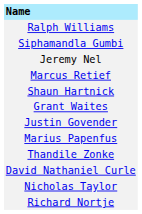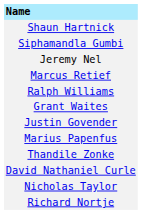 <table border=0 cellpadding=2 cellspacing=0  |- bgcolor=#F2F2F2 style="text-align:center; font-size:90%;">
 <tr bgcolor=#ADEBFD>
 <th align=left>Name</th>
 </tr>
 <tr>
-<td><a href='#'>Ralph Williams</a></td>
+<td><a href='#'>Shaun Hartnick</a></td>
 </tr>
 <tr>
 <td><a href='#'>Siphamandla Gumbi</a></td>
 </tr>
 <tr>
 <td>Jeremy Nel</td>
 </tr>
 <tr>
 <td><a href='#'>Marcus Retief</a></td>
 </tr>
 <tr>
-<td><a href='#'>Shaun Hartnick</a></td>
+<td><a href='#'>Ralph Williams</a></td>
 </tr>
 <tr>
 <td><a href='#'>Grant Waites</a></td>
 </tr>
 <tr>
 <td><a href='#'>Justin Govender</a></td>
 </tr>
 <tr>
 <td><a href='#'>Marius Papenfus</a></td>
 </tr>
 <tr>
 <td><a href='#'>Thandile Zonke</a></td>
 </tr>
 <tr>
 <td><a href='#'>David Nathaniel Curle</a></td>
 </tr>
 <tr>
 <td><a href='#'>Nicholas Taylor</a></td>
 </tr>
 <tr>
 <td><a href='#'>Richard Nortje</a></td>
 </tr>
 </table>
